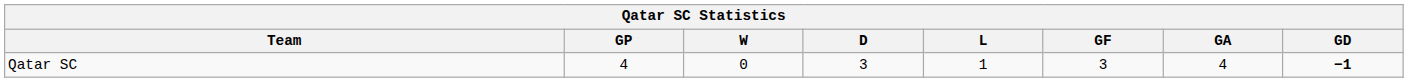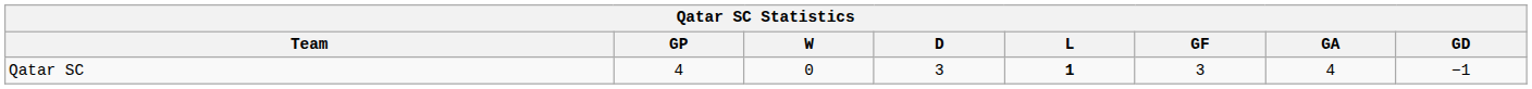 <table class="wikitable" style="width:90%; text-align:center; font-size: 90%;">
 <tr>
 <th colspan=8>Qatar SC Statistics</th>
 </tr>
 <tr>
 <th style="width:28%;">Team</th>
 <th width=6%>GP</th>
 <th width=6%>W</th>
 <th width=6%>D</th>
 <th width=6%>L</th>
 <th width=6%>GF</th>
 <th width=6%>GA</th>
 <th width=6%>GD</th>
 </tr>
 <tr>
 <td align=left> Qatar SC</td>
 <td>4</td>
 <td>0</td>
 <td>3</td>
-<td>1</td>
+<td><strong>1</strong></td>
 <td>3</td>
 <td>4</td>
-<td><strong>−1</strong></td>
+<td>−1</td>
 </tr>
 </table>
